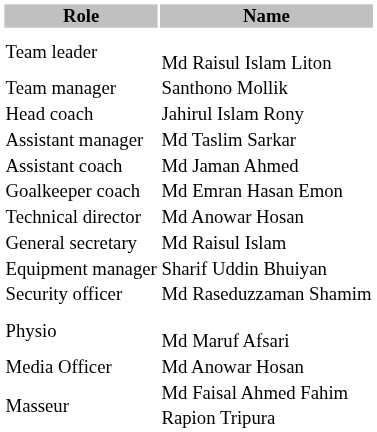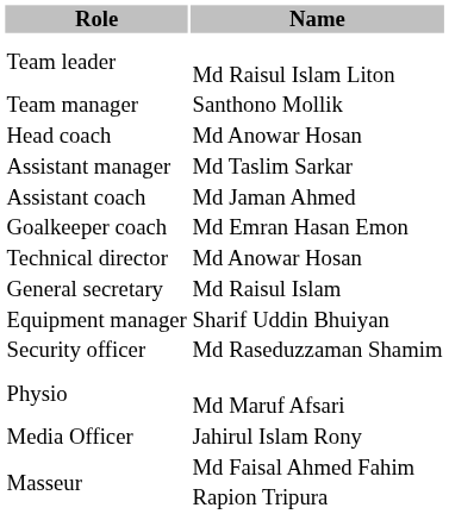 <table class="toccolours">
 <tr>
 <th style="background:silver;">Role</th>
 <th style="background:silver;">Name</th>
 </tr>
 <tr>
 <td>Team leader</td>
 <td><br> Md Raisul Islam Liton</td>
 </tr>
 <tr>
 <td>Team manager</td>
 <td> Santhono Mollik</td>
 </tr>
 <tr>
 <td>Head coach</td>
-<td> Jahirul Islam Rony</td>
+<td> Md Anowar Hosan</td>
 </tr>
 <tr>
 <td>Assistant manager</td>
 <td> Md Taslim Sarkar</td>
 </tr>
 <tr>
 <td>Assistant coach</td>
 <td> Md Jaman Ahmed</td>
 </tr>
 <tr>
 <td>Goalkeeper coach</td>
 <td> Md Emran Hasan Emon</td>
 </tr>
 <tr>
 <td>Technical director</td>
 <td> Md Anowar Hosan</td>
 </tr>
 <tr>
 <td>General secretary</td>
 <td> Md Raisul Islam</td>
 </tr>
 <tr>
 <td>Equipment manager</td>
 <td> Sharif Uddin Bhuiyan</td>
 </tr>
 <tr>
 <td>Security officer</td>
 <td> Md Raseduzzaman Shamim</td>
 </tr>
 <tr>
 <td>Physio</td>
 <td><br> Md Maruf Afsari</td>
 </tr>
 <tr>
 <td>Media Officer</td>
-<td> Md Anowar Hosan</td>
+<td> Jahirul Islam Rony</td>
 </tr>
 <tr>
 <td rowspan=2>Masseur</td>
 <td> Md Faisal Ahmed Fahim</td>
 </tr>
 <tr>
 <td> Rapion Tripura</td>
 </tr>
 </table>
